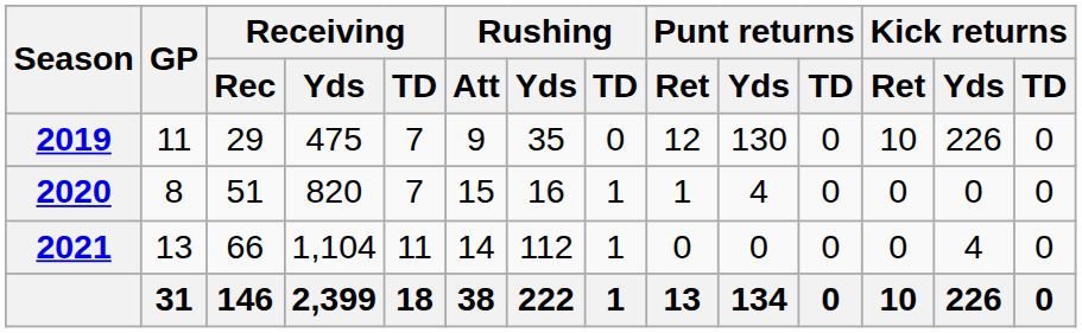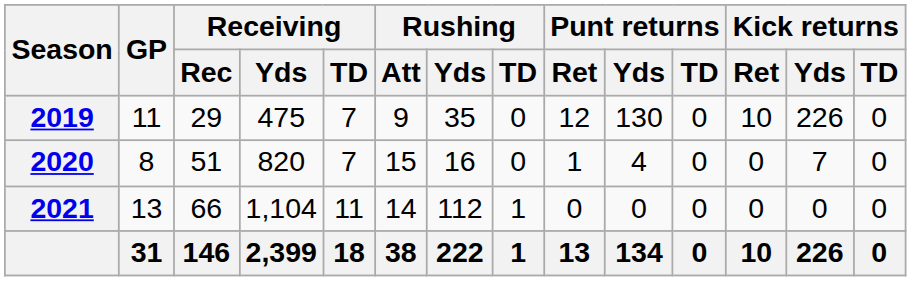 <table class="wikitable" style="text-align:center;">
 <tr>
 <th rowspan="2">Season</th>
 <th rowspan="2">GP</th>
 <th colspan="3">Receiving</th>
 <th colspan="3">Rushing</th>
 <th colspan="3">Punt returns</th>
 <th colspan="3">Kick returns</th>
 </tr>
 <tr>
 <th>Rec</th>
 <th>Yds</th>
 <th>TD</th>
 <th>Att</th>
 <th>Yds</th>
 <th>TD</th>
 <th>Ret</th>
 <th>Yds</th>
 <th>TD</th>
 <th>Ret</th>
 <th>Yds</th>
 <th>TD</th>
 </tr>
 <tr>
 <th><a href='#'>2019</a></th>
 <td>11</td>
 <td>29</td>
 <td>475</td>
 <td>7</td>
 <td>9</td>
 <td>35</td>
 <td>0</td>
 <td>12</td>
 <td>130</td>
 <td>0</td>
 <td>10</td>
 <td>226</td>
 <td>0</td>
 </tr>
 <tr>
 <th><a href='#'>2020</a></th>
 <td>8</td>
 <td>51</td>
 <td>820</td>
 <td>7</td>
 <td>15</td>
 <td>16</td>
-<td>1</td>
+<td>0</td>
 <td>1</td>
 <td>4</td>
 <td>0</td>
 <td>0</td>
-<td>0</td>
+<td>7</td>
 <td>0</td>
 </tr>
 <tr>
 <th><a href='#'>2021</a></th>
 <td>13</td>
 <td>66</td>
 <td>1,104</td>
 <td>11</td>
 <td>14</td>
 <td>112</td>
 <td>1</td>
 <td>0</td>
 <td>0</td>
 <td>0</td>
 <td>0</td>
-<td>4</td>
+<td>0</td>
 <td>0</td>
 </tr>
 <tr>
 <th></th>
 <th>31</th>
 <th>146</th>
 <th>2,399</th>
 <th>18</th>
 <th>38</th>
 <th>222</th>
 <th>1</th>
 <th>13</th>
 <th>134</th>
 <th>0</th>
 <th>10</th>
 <th>226</th>
 <th>0</th>
 </tr>
 </table>
